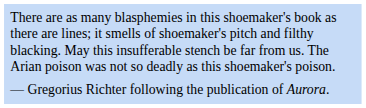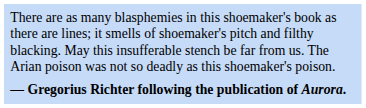 <table class="toccolours" style="float: right; margin-left: 1em; margin-right: 2em; font-size: 85%; background:#c6dbf7; color:black; width:30em; max-width: 40%;" cellspacing="5">
 <tr>
 <td style="text-align: left;">There are as many blasphemies in this shoemaker's book as there are lines; it smells of shoemaker's pitch and filthy blacking. May this insufferable stench be far from us. The Arian poison was not so deadly as this shoemaker's poison.</td>
 </tr>
 <tr>
-<td style="text-align: left;">— Gregorius Richter following the publication of <em>Aurora</em>.</td>
+<td style="text-align: left;"><strong>— Gregorius Richter following the publication of <em>Aurora</em>.</strong></td>
 </tr>
 </table>
